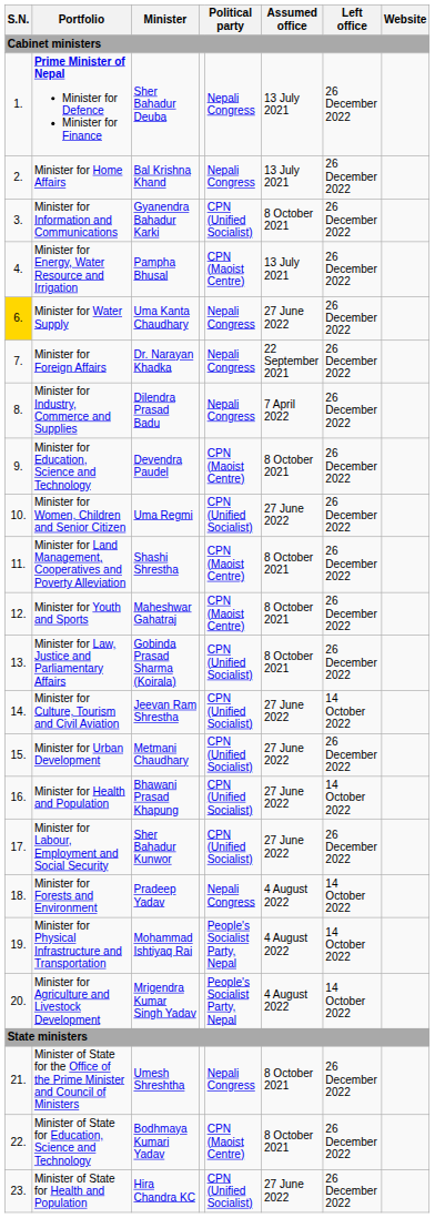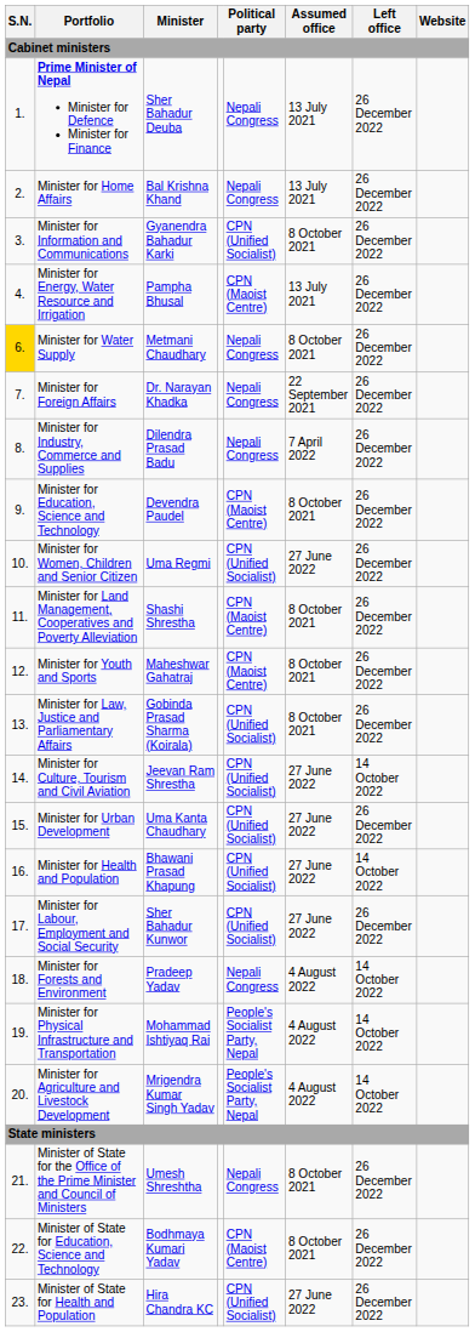 <table class="wikitable sortable">
 <tr>
 <th>S.N.</th>
 <th>Portfolio</th>
 <th>Minister</th>
 <th colspan="2">Political party</th>
 <th>Assumed office</th>
 <th>Left office</th>
 <th>Website</th>
 </tr>
 <tr>
 <td colspan="8" bgcolor="darkgrey"><strong>Cabinet ministers</strong></td>
 </tr>
 <tr>
 <td style="text-align:center;">1.</td>
 <td><strong><a href='#'>Prime Minister of Nepal</a></strong><br><ul><li>Minister for <a href='#'>Defence</a></li><li>Minister for <a href='#'>Finance</a></li></ul></td>
 <td><a href='#'>Sher Bahadur Deuba</a></td>
 <td></td>
 <td><a href='#'>Nepali Congress</a></td>
 <td>13 July 2021</td>
 <td>26 December 2022</td>
 <td></td>
 </tr>
 <tr>
 <td style="text-align:center;">2.</td>
 <td>Minister for <a href='#'>Home Affairs</a></td>
 <td><a href='#'>Bal Krishna Khand</a></td>
 <td></td>
 <td><a href='#'>Nepali Congress</a></td>
 <td>13 July 2021</td>
 <td>26 December 2022</td>
 <td></td>
 </tr>
 <tr>
 <td style="text-align:center;">3.</td>
 <td>Minister for <a href='#'>Information and Communications</a></td>
 <td><a href='#'>Gyanendra Bahadur Karki</a></td>
 <td></td>
 <td><a href='#'>CPN (Unified Socialist)</a></td>
 <td>8 October 2021</td>
 <td>26 December 2022</td>
 <td></td>
 </tr>
 <tr>
 <td style="text-align:center;">4.</td>
 <td>Minister for <a href='#'>Energy, Water Resource and Irrigation</a></td>
 <td><a href='#'>Pampha Bhusal</a></td>
 <td></td>
 <td><a href='#'>CPN (Maoist Centre)</a></td>
 <td>13 July 2021</td>
 <td>26 December 2022</td>
 <td> </td>
 </tr>
 <tr>
 <td style="background: gold; text-align:center;">6.</td>
 <td>Minister for <a href='#'>Water Supply</a></td>
-<td><a href='#'>Uma Kanta Chaudhary</a></td>
+<td><a href='#'>Metmani Chaudhary</a></td>
 <td></td>
 <td><a href='#'>Nepali Congress</a></td>
-<td>27 June 2022</td>
+<td>8 October 2021</td>
 <td>26 December 2022</td>
 <td></td>
 </tr>
 <tr>
 <td style="text-align:center;">7.</td>
 <td>Minister for <a href='#'>Foreign Affairs</a></td>
 <td><a href='#'>Dr. Narayan Khadka</a></td>
 <td></td>
 <td><a href='#'>Nepali Congress</a></td>
 <td>22 September 2021</td>
 <td>26 December 2022</td>
 <td></td>
 </tr>
 <tr>
 <td style="text-align:center;">8.</td>
 <td>Minister for <a href='#'>Industry, Commerce and Supplies</a></td>
 <td><a href='#'>Dilendra Prasad Badu</a></td>
 <td></td>
 <td><a href='#'>Nepali Congress</a></td>
 <td>7 April 2022</td>
 <td>26 December 2022</td>
 <td></td>
 </tr>
 <tr>
 <td style="text-align:center;">9.</td>
 <td>Minister for <a href='#'>Education, Science and Technology</a></td>
 <td><a href='#'>Devendra Paudel</a></td>
 <td></td>
 <td><a href='#'>CPN (Maoist Centre)</a></td>
 <td>8 October 2021</td>
 <td>26 December 2022</td>
 <td> </td>
 </tr>
 <tr>
 <td style="text-align:center;">10.</td>
 <td>Minister for <a href='#'>Women, Children and Senior Citizen</a></td>
 <td><a href='#'>Uma Regmi</a></td>
 <td></td>
 <td><a href='#'>CPN (Unified Socialist)</a></td>
 <td>27 June 2022</td>
 <td>26 December 2022</td>
 <td></td>
 </tr>
 <tr>
 <td style="text-align:center;">11.</td>
 <td>Minister for <a href='#'>Land Management, Cooperatives and Poverty Alleviation</a></td>
 <td><a href='#'>Shashi Shrestha</a></td>
 <td></td>
 <td><a href='#'>CPN (Maoist Centre)</a></td>
 <td>8 October 2021</td>
 <td>26 December 2022</td>
 <td></td>
 </tr>
 <tr>
 <td style="text-align:center;">12.</td>
 <td>Minister for <a href='#'>Youth and Sports</a></td>
 <td><a href='#'>Maheshwar Gahatraj</a></td>
 <td></td>
 <td><a href='#'>CPN (Maoist Centre)</a></td>
 <td>8 October 2021</td>
 <td>26 December 2022</td>
 <td></td>
 </tr>
 <tr>
 <td style="text-align:center;">13.</td>
 <td>Minister for <a href='#'>Law, Justice and Parliamentary Affairs</a></td>
 <td><a href='#'>Gobinda Prasad Sharma (Koirala)</a></td>
 <td></td>
 <td><a href='#'>CPN (Unified Socialist)</a></td>
 <td>8 October 2021</td>
 <td>26 December 2022</td>
 <td></td>
 </tr>
 <tr>
 <td style="text-align:center;">14.</td>
 <td>Minister for <a href='#'>Culture, Tourism and Civil Aviation</a></td>
 <td><a href='#'>Jeevan Ram Shrestha</a></td>
 <td></td>
 <td><a href='#'>CPN (Unified Socialist)</a></td>
 <td>27 June 2022</td>
 <td>14 October 2022</td>
 <td></td>
 </tr>
 <tr>
 <td style="text-align:center;">15.</td>
 <td>Minister for <a href='#'>Urban Development</a></td>
-<td><a href='#'>Metmani Chaudhary</a></td>
+<td><a href='#'>Uma Kanta Chaudhary</a></td>
 <td></td>
 <td><a href='#'>CPN (Unified Socialist)</a></td>
 <td>27 June 2022</td>
 <td>26 December 2022</td>
 <td></td>
 </tr>
 <tr>
 <td style="text-align:center;">16.</td>
 <td>Minister for <a href='#'>Health and Population</a></td>
 <td><a href='#'>Bhawani Prasad Khapung</a></td>
 <td></td>
 <td><a href='#'>CPN (Unified Socialist)</a></td>
 <td>27 June 2022</td>
 <td>14 October 2022</td>
 <td> </td>
 </tr>
 <tr>
 <td style="text-align:center;">17.</td>
 <td>Minister for <a href='#'>Labour, Employment and Social Security</a></td>
 <td><a href='#'>Sher Bahadur Kunwor</a></td>
 <td></td>
 <td><a href='#'>CPN (Unified Socialist)</a></td>
 <td>27 June 2022</td>
 <td>26 December 2022</td>
 <td></td>
 </tr>
 <tr>
 <td style="text-align:center;">18.</td>
 <td>Minister for <a href='#'>Forests and Environment</a></td>
 <td><a href='#'>Pradeep Yadav</a></td>
 <td></td>
 <td><a href='#'>Nepali Congress</a></td>
 <td>4 August 2022</td>
 <td>14 October 2022</td>
 <td></td>
 </tr>
 <tr>
 <td style="text-align:center;">19.</td>
 <td>Minister for <a href='#'>Physical Infrastructure and Transportation</a></td>
 <td><a href='#'>Mohammad Ishtiyaq Rai</a></td>
 <td></td>
 <td><a href='#'>People's Socialist Party, Nepal</a></td>
 <td>4 August 2022</td>
 <td>14 October 2022</td>
 <td></td>
 </tr>
 <tr>
 <td style="text-align:center;">20.</td>
 <td>Minister for <a href='#'>Agriculture and Livestock Development</a></td>
 <td><a href='#'>Mrigendra Kumar Singh Yadav</a></td>
 <td></td>
 <td><a href='#'>People's Socialist Party, Nepal</a></td>
 <td>4 August 2022</td>
 <td>14 October 2022</td>
 <td></td>
 </tr>
 <tr>
 <td colspan="8" bgcolor="darkgrey"><strong>State ministers</strong></td>
 </tr>
 <tr>
 <td style="text-align:center;">21.</td>
 <td>Minister of State for the <a href='#'>Office of the Prime Minister and Council of Ministers</a></td>
 <td><a href='#'>Umesh Shreshtha</a></td>
 <td></td>
 <td><a href='#'>Nepali Congress</a></td>
 <td>8 October 2021</td>
 <td>26 December 2022</td>
 <td></td>
 </tr>
 <tr>
 <td style="text-align:center;">22.</td>
 <td>Minister of State for <a href='#'>Education, Science and Technology</a></td>
 <td><a href='#'>Bodhmaya Kumari Yadav</a></td>
 <td></td>
 <td><a href='#'>CPN (Maoist Centre)</a></td>
 <td>8 October 2021</td>
 <td>26 December 2022</td>
 <td> </td>
 </tr>
 <tr>
 <td style="text-align:center;">23.</td>
 <td>Minister of State for <a href='#'>Health and Population</a></td>
 <td><a href='#'>Hira Chandra KC</a></td>
 <td></td>
 <td><a href='#'>CPN (Unified Socialist)</a></td>
 <td>27 June 2022</td>
 <td>26 December 2022</td>
 <td> </td>
 </tr>
 </table>
